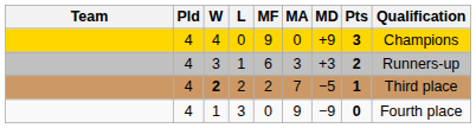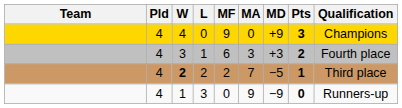 <table class="wikitable" style="text-align:center">
 <tr>
 <th width="175">Team</th>
 <th width="20">Pld</th>
 <th width="20">W</th>
 <th width="20">L</th>
 <th width="20">MF</th>
 <th width="20">MA</th>
 <th width="20">MD</th>
 <th width="20">Pts</th>
 <th width="100">Qualification</th>
 </tr>
 <tr bgcolor="gold">
 <td align="left"></td>
 <td>4</td>
 <td>4</td>
 <td>0</td>
 <td>9</td>
 <td>0</td>
 <td>+9</td>
 <td><strong>3</strong></td>
 <td>Champions</td>
 </tr>
 <tr bgcolor="silver">
 <td align="left"></td>
 <td>4</td>
 <td>3</td>
 <td>1</td>
 <td>6</td>
 <td>3</td>
 <td>+3</td>
 <td><strong>2</strong></td>
-<td>Runners-up</td>
+<td>Fourth place</td>
 </tr>
 <tr bgcolor="cc9966">
 <td align="left"></td>
 <td>4</td>
 <td><strong>2</strong></td>
 <td>2</td>
 <td>2</td>
 <td>7</td>
 <td>−5</td>
 <td><strong>1</strong></td>
 <td>Third place</td>
 </tr>
 <tr>
 <td align="left"></td>
 <td>4</td>
 <td>1</td>
 <td>3</td>
 <td>0</td>
 <td>9</td>
 <td>−9</td>
 <td><strong>0</strong></td>
-<td>Fourth place</td>
+<td>Runners-up</td>
 </tr>
 </table>
